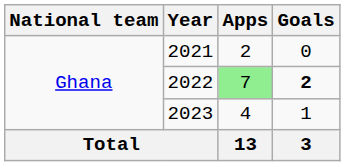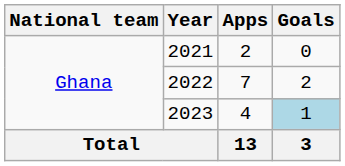 <table class="wikitable" style="text-align: center;">
 <tr>
 <th>National team</th>
 <th>Year</th>
 <th>Apps</th>
 <th>Goals</th>
 </tr>
 <tr>
 <td rowspan="3"><a href='#'>Ghana</a></td>
 <td>2021</td>
 <td>2</td>
 <td>0</td>
 </tr>
 <tr>
 <td>2022</td>
-<td style="background: lightgreen;">7</td>
-<td><strong>2</strong></td>
+<td>7</td>
+<td>2</td>
 </tr>
 <tr>
 <td>2023</td>
 <td>4</td>
-<td>1</td>
+<td style="background: lightblue;">1</td>
 </tr>
 <tr>
 <th colspan="2">Total</th>
 <th>13</th>
 <th>3</th>
 </tr>
 </table>
